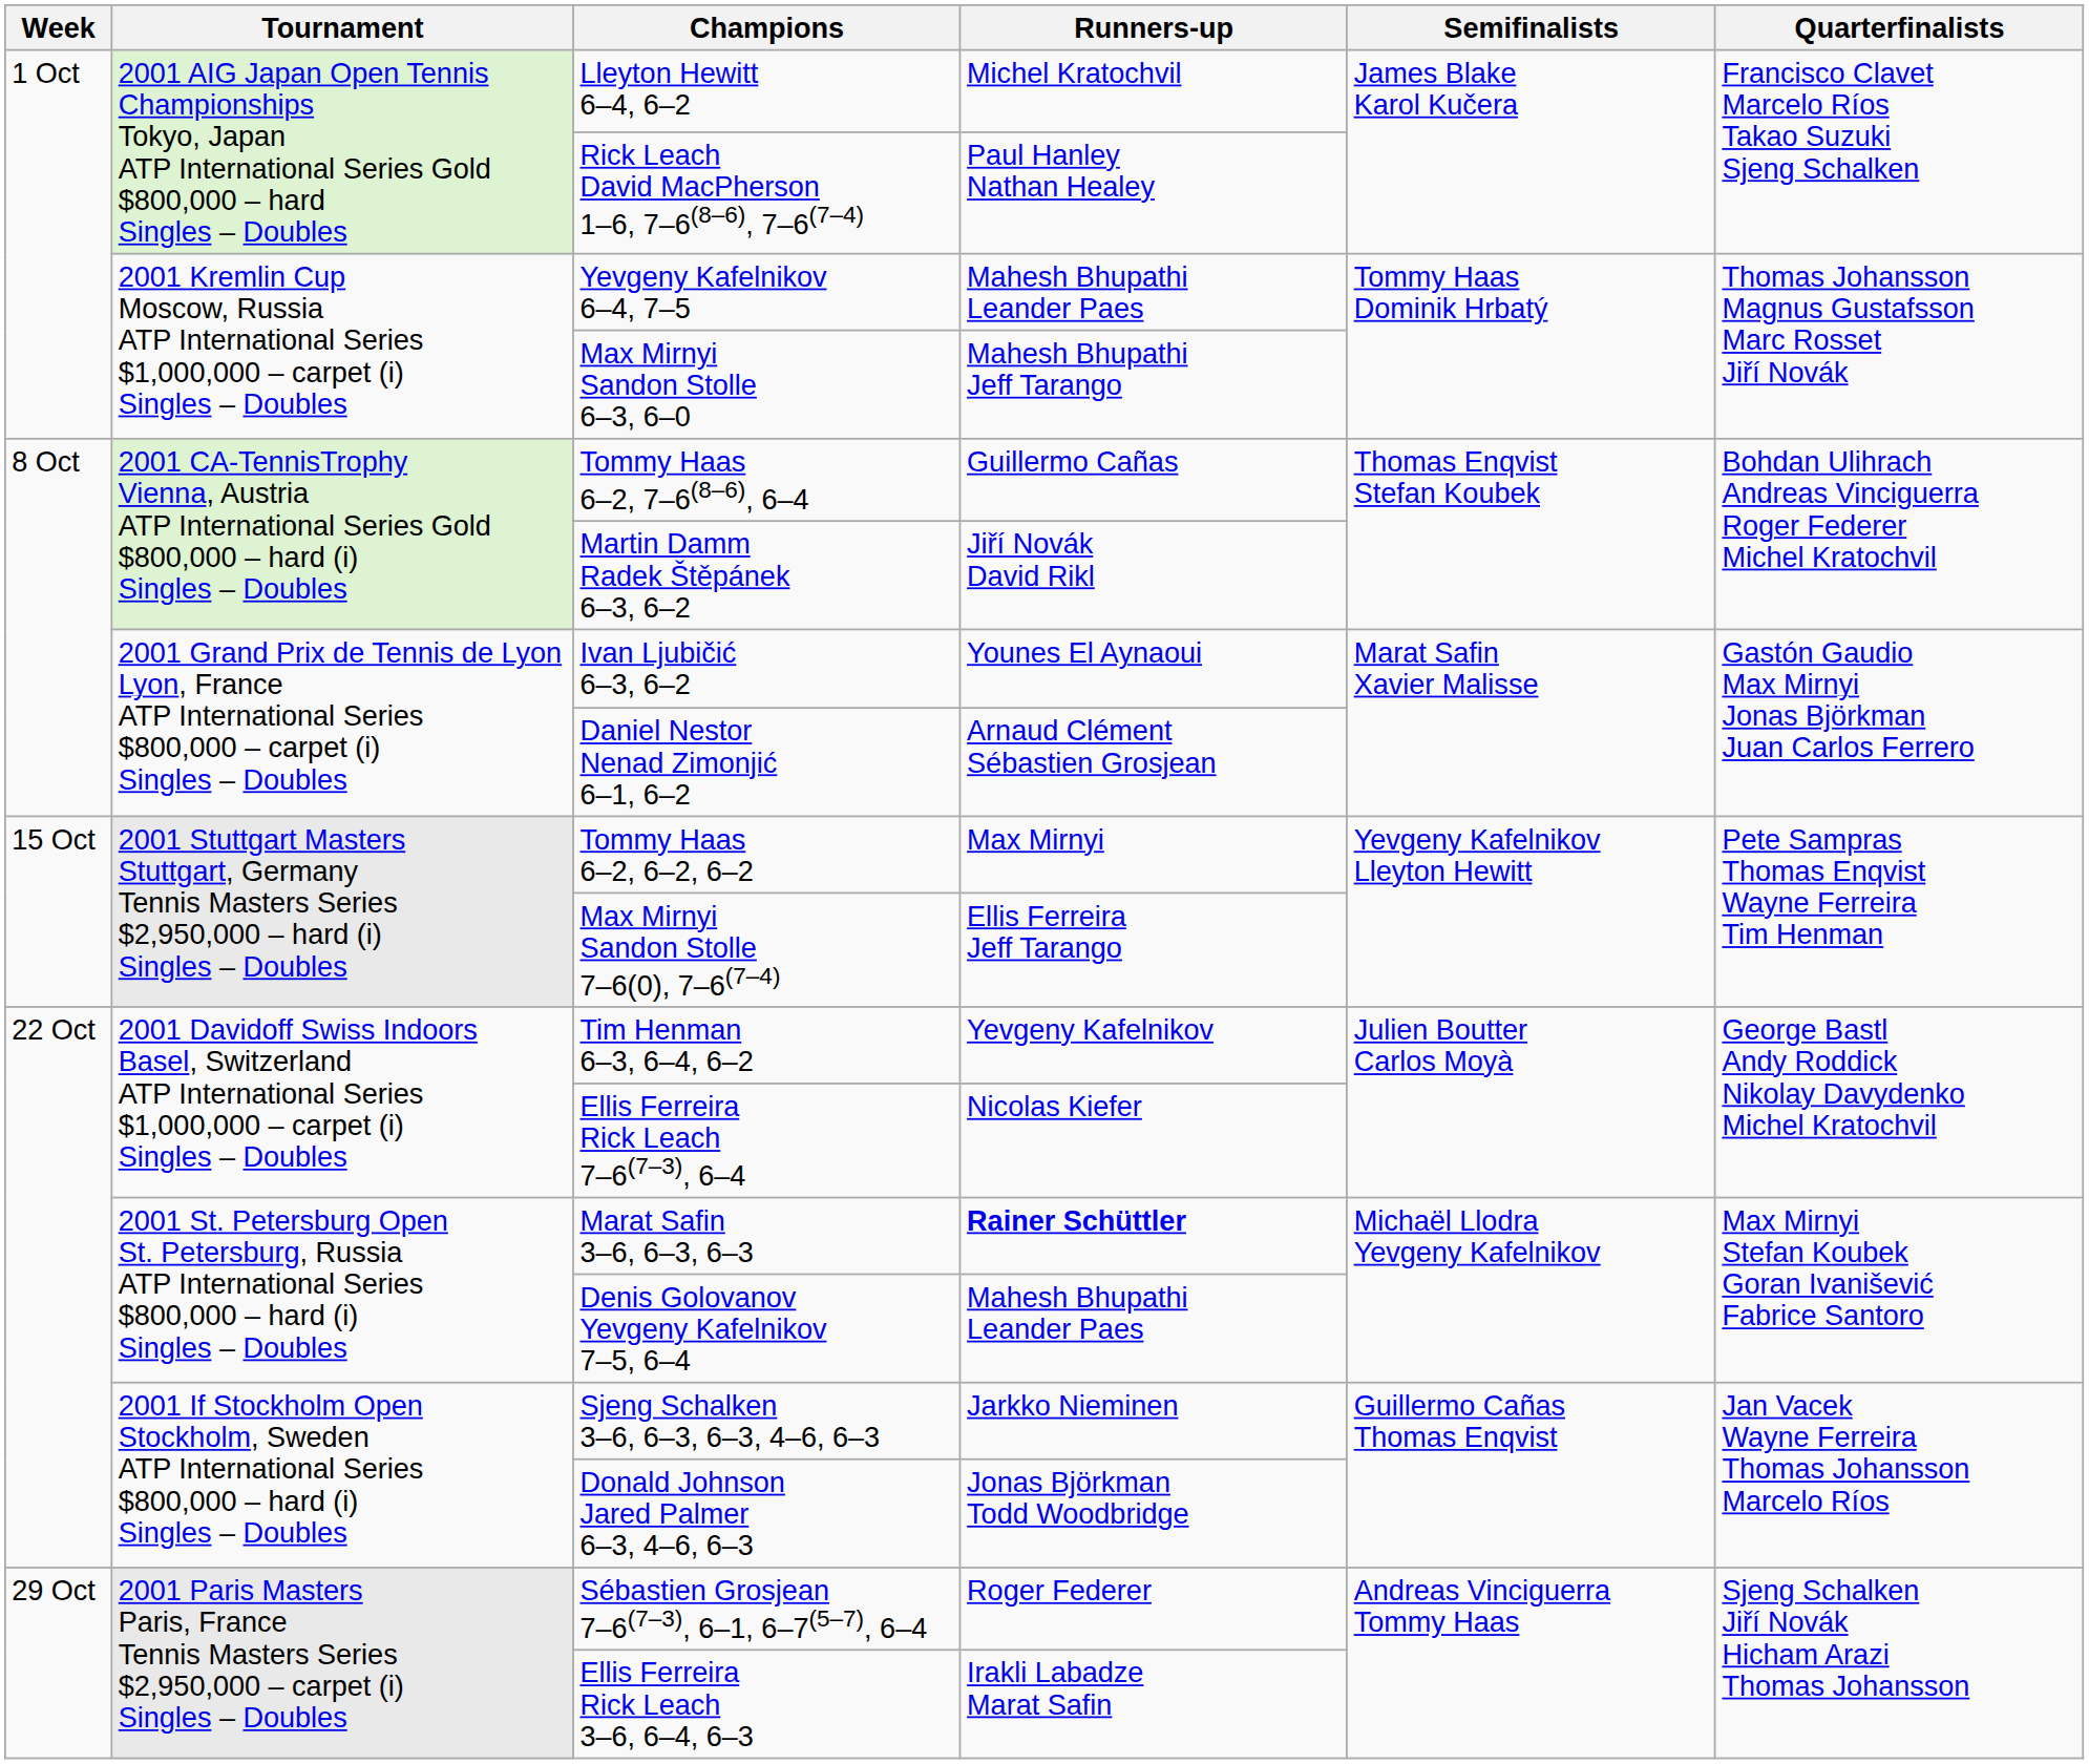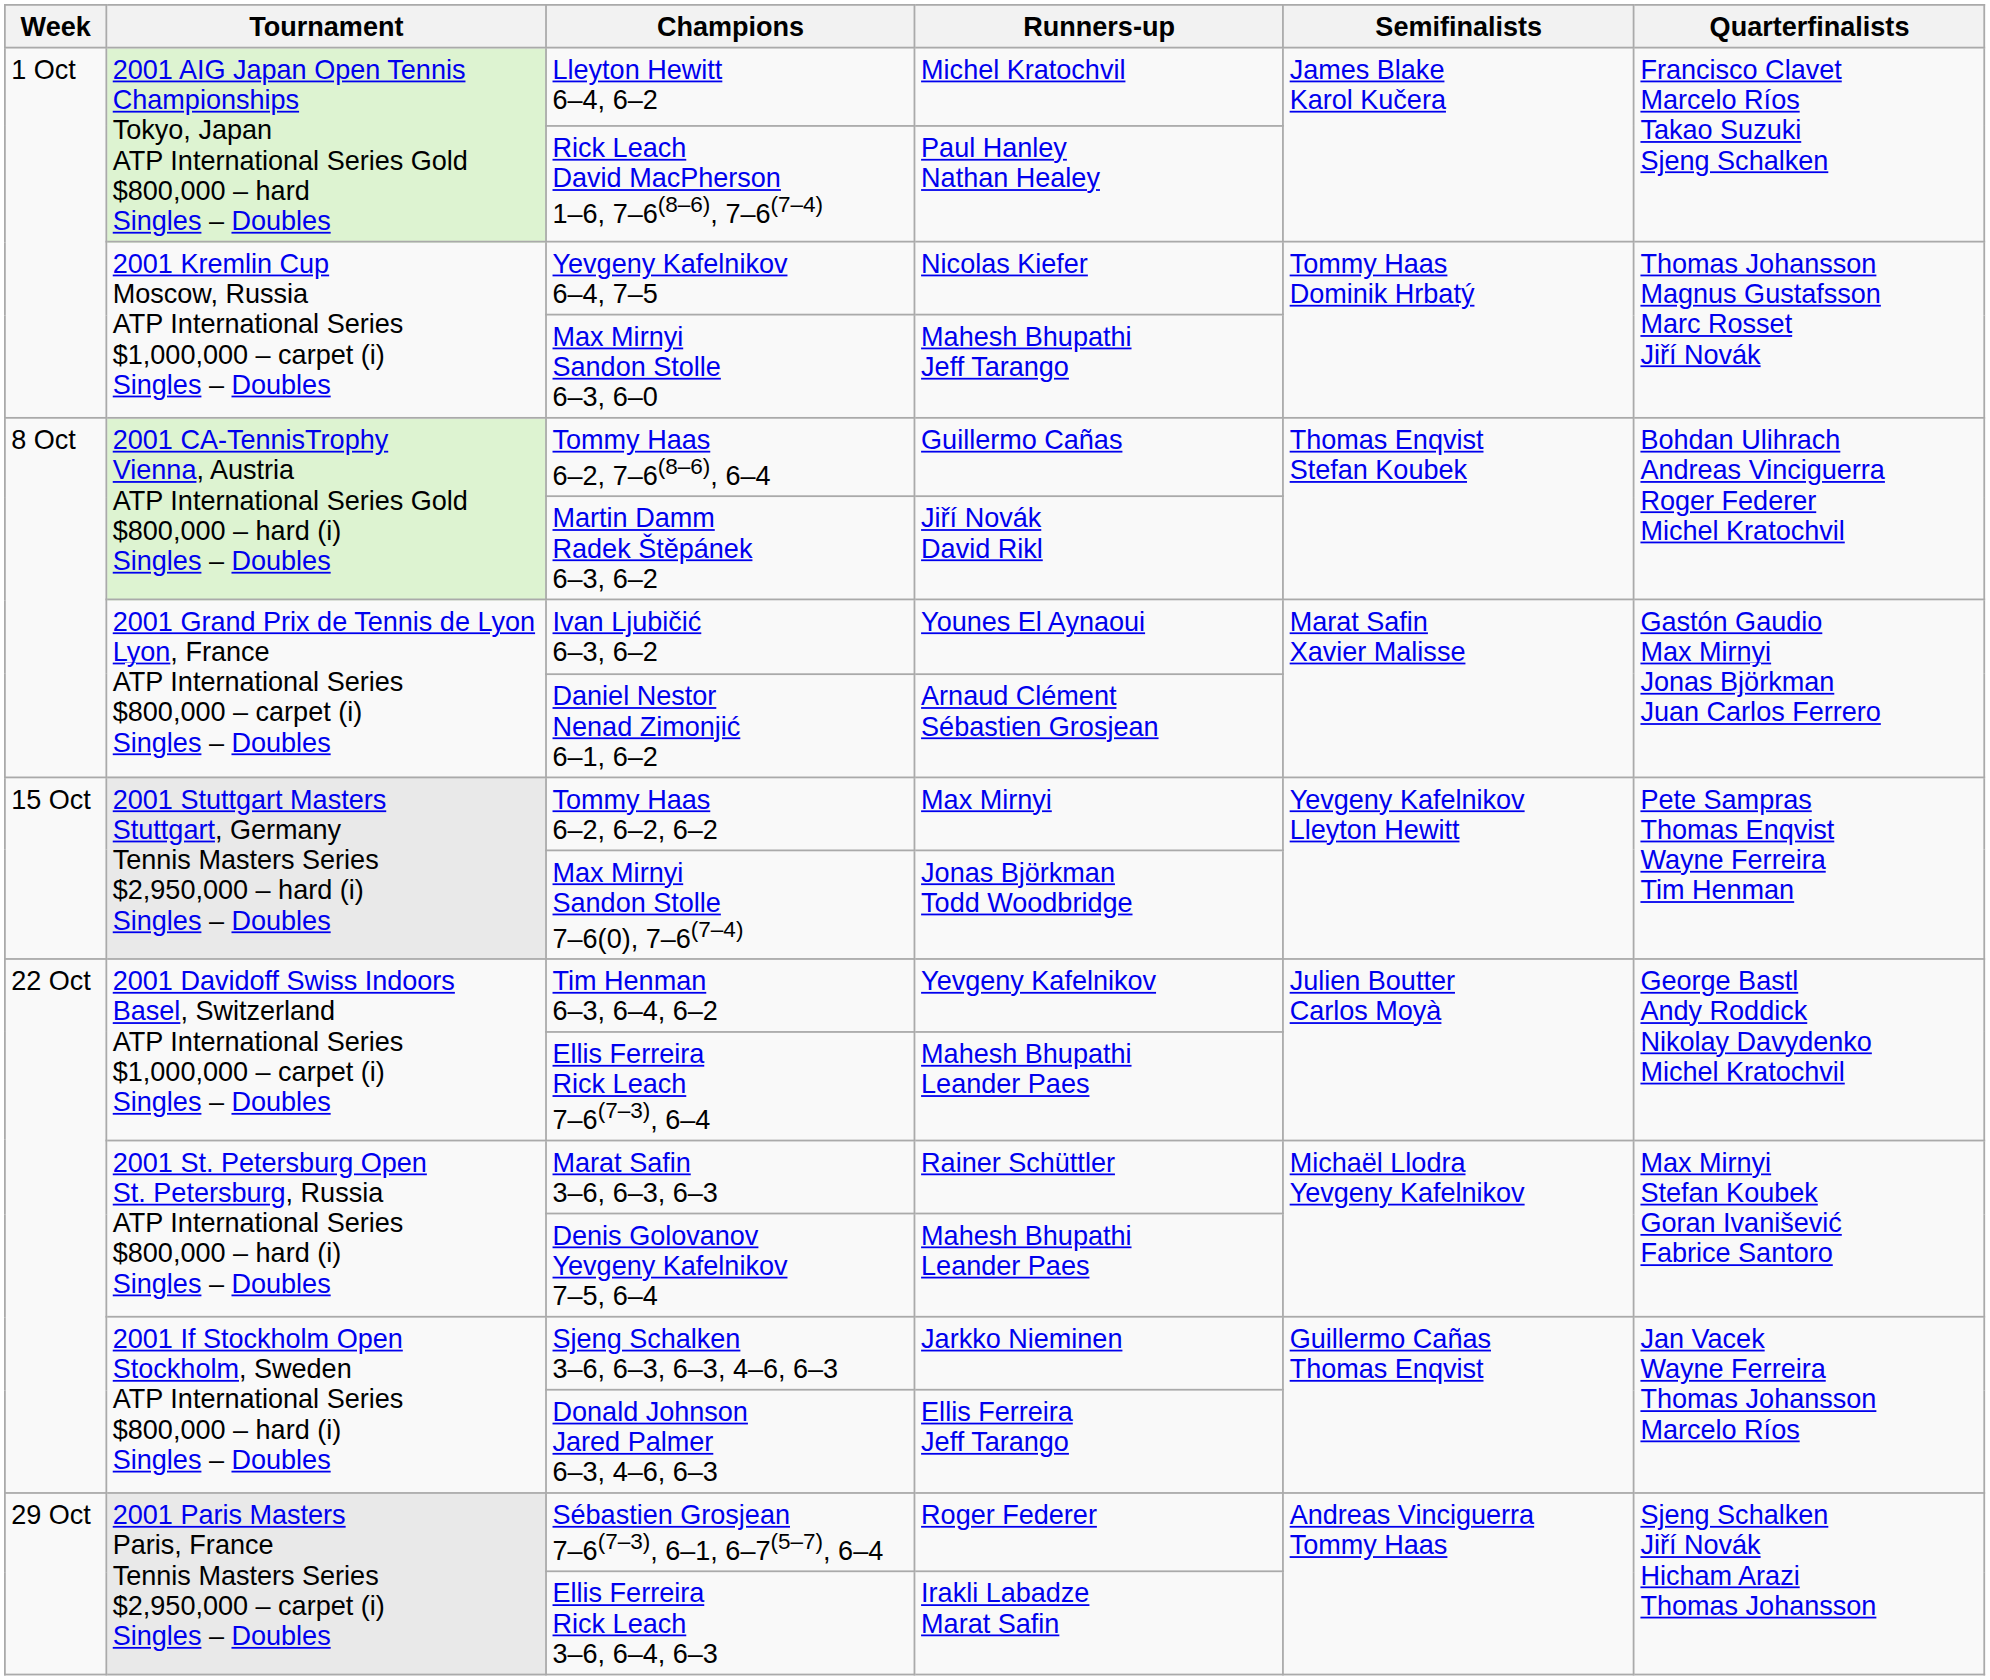 <table class=wikitable style=font-size:95%>
 <tr>
 <th style="width:50px;">Week</th>
 <th style="width:240px;">Tournament</th>
 <th style="width:200px;">Champions</th>
 <th style="width:200px;">Runners-up</th>
 <th style="width:190px;">Semifinalists</th>
 <th style="width:190px;">Quarterfinalists</th>
 </tr>
 <tr valign=top>
 <td rowspan=4>1 Oct</td>
 <td bgcolor=#DDF3D1 rowspan=2><a href='#'>2001 AIG Japan Open Tennis Championships</a><br> Tokyo, Japan<br>ATP International Series Gold<br>$800,000 – hard <br> <a href='#'>Singles</a> – <a href='#'>Doubles</a></td>
 <td> <a href='#'>Lleyton Hewitt</a> <br>6–4, 6–2</td>
 <td> <a href='#'>Michel Kratochvil</a></td>
 <td rowspan=2> <a href='#'>James Blake</a> <br> <a href='#'>Karol Kučera</a></td>
 <td rowspan=2> <a href='#'>Francisco Clavet</a> <br>  <a href='#'>Marcelo Ríos</a> <br> <a href='#'>Takao Suzuki</a>  <br>  <a href='#'>Sjeng Schalken</a></td>
 </tr>
 <tr valign=top>
 <td> <a href='#'>Rick Leach</a><br> <a href='#'>David MacPherson</a><br> 1–6, 7–6<sup>(8–6)</sup>, 7–6<sup>(7–4)</sup></td>
 <td> <a href='#'>Paul Hanley</a><br> <a href='#'>Nathan Healey</a></td>
 </tr>
 <tr valign=top>
 <td rowspan=2><a href='#'>2001 Kremlin Cup</a><br>  Moscow, Russia<br>ATP International Series<br>$1,000,000 – carpet (i) <br> <a href='#'>Singles</a> – <a href='#'>Doubles</a></td>
 <td> <a href='#'>Yevgeny Kafelnikov</a> <br>6–4, 7–5</td>
-<td> <a href='#'>Mahesh Bhupathi</a><br> <a href='#'>Leander Paes</a></td>
+<td> <a href='#'>Nicolas Kiefer</a></td>
 <td rowspan=2> <a href='#'>Tommy Haas</a> <br> <a href='#'>Dominik Hrbatý</a></td>
 <td rowspan=2> <a href='#'>Thomas Johansson</a> <br>  <a href='#'>Magnus Gustafsson</a> <br> <a href='#'>Marc Rosset</a>  <br>  <a href='#'>Jiří Novák</a></td>
 </tr>
 <tr valign=top>
 <td> <a href='#'>Max Mirnyi</a><br> <a href='#'>Sandon Stolle</a><br> 6–3, 6–0</td>
 <td> <a href='#'>Mahesh Bhupathi</a><br> <a href='#'>Jeff Tarango</a></td>
 </tr>
 <tr valign=top>
 <td rowspan=4>8 Oct</td>
 <td bgcolor=#DDF3D1 rowspan=2><a href='#'>2001 CA-TennisTrophy</a><br> <a href='#'>Vienna</a>, Austria<br>ATP International Series Gold<br>$800,000 – hard (i) <br> <a href='#'>Singles</a> – <a href='#'>Doubles</a></td>
 <td> <a href='#'>Tommy Haas</a> <br>6–2, 7–6<sup>(8–6)</sup>, 6–4</td>
 <td> <a href='#'>Guillermo Cañas</a></td>
 <td rowspan=2> <a href='#'>Thomas Enqvist</a> <br> <a href='#'>Stefan Koubek</a></td>
 <td rowspan=2> <a href='#'>Bohdan Ulihrach</a> <br>  <a href='#'>Andreas Vinciguerra</a> <br> <a href='#'>Roger Federer</a>  <br>  <a href='#'>Michel Kratochvil</a></td>
 </tr>
 <tr valign=top>
 <td> <a href='#'>Martin Damm</a><br> <a href='#'>Radek Štěpánek</a><br> 6–3, 6–2</td>
 <td> <a href='#'>Jiří Novák</a><br> <a href='#'>David Rikl</a></td>
 </tr>
 <tr valign=top>
 <td rowspan=2><a href='#'>2001 Grand Prix de Tennis de Lyon</a><br>  <a href='#'>Lyon</a>, France<br>ATP International Series<br>$800,000 – carpet (i) <br> <a href='#'>Singles</a> – <a href='#'>Doubles</a></td>
 <td> <a href='#'>Ivan Ljubičić</a> <br>6–3, 6–2</td>
 <td> <a href='#'>Younes El Aynaoui</a></td>
 <td rowspan=2> <a href='#'>Marat Safin</a> <br> <a href='#'>Xavier Malisse</a></td>
 <td rowspan=2> <a href='#'>Gastón Gaudio</a> <br>  <a href='#'>Max Mirnyi</a> <br> <a href='#'>Jonas Björkman</a>  <br>  <a href='#'>Juan Carlos Ferrero</a></td>
 </tr>
 <tr valign=top>
 <td> <a href='#'>Daniel Nestor</a><br> <a href='#'>Nenad Zimonjić</a><br> 6–1, 6–2</td>
 <td> <a href='#'>Arnaud Clément</a><br> <a href='#'>Sébastien Grosjean</a></td>
 </tr>
 <tr valign=top>
 <td rowspan=2>15 Oct</td>
 <td bgcolor=#E9E9E9 rowspan=2><a href='#'>2001 Stuttgart Masters</a><br> <a href='#'>Stuttgart</a>, Germany<br>Tennis Masters Series<br>$2,950,000 – hard (i) <br> <a href='#'>Singles</a> – <a href='#'>Doubles</a></td>
 <td> <a href='#'>Tommy Haas</a> <br>6–2, 6–2, 6–2</td>
 <td> <a href='#'>Max Mirnyi</a></td>
 <td rowspan=2> <a href='#'>Yevgeny Kafelnikov</a> <br> <a href='#'>Lleyton Hewitt</a></td>
 <td rowspan=2> <a href='#'>Pete Sampras</a> <br>  <a href='#'>Thomas Enqvist</a> <br> <a href='#'>Wayne Ferreira</a>  <br>  <a href='#'>Tim Henman</a></td>
 </tr>
 <tr valign=top>
 <td> <a href='#'>Max Mirnyi</a><br> <a href='#'>Sandon Stolle</a><br> 7–6(0), 7–6<sup>(7–4)</sup></td>
-<td> <a href='#'>Ellis Ferreira</a><br> <a href='#'>Jeff Tarango</a></td>
+<td> <a href='#'>Jonas Björkman</a><br> <a href='#'>Todd Woodbridge</a></td>
 </tr>
 <tr valign=top>
 <td rowspan=6>22 Oct</td>
 <td rowspan=2><a href='#'>2001 Davidoff Swiss Indoors</a><br> <a href='#'>Basel</a>, Switzerland<br>ATP International Series<br>$1,000,000 – carpet (i) <br> <a href='#'>Singles</a> – <a href='#'>Doubles</a></td>
 <td> <a href='#'>Tim Henman</a> <br>6–3, 6–4, 6–2</td>
 <td> <a href='#'>Yevgeny Kafelnikov</a></td>
 <td rowspan=2> <a href='#'>Julien Boutter</a> <br> <a href='#'>Carlos Moyà</a></td>
 <td rowspan=2> <a href='#'>George Bastl</a> <br>  <a href='#'>Andy Roddick</a> <br> <a href='#'>Nikolay Davydenko</a>  <br>  <a href='#'>Michel Kratochvil</a></td>
 </tr>
 <tr valign=top>
 <td> <a href='#'>Ellis Ferreira</a><br> <a href='#'>Rick Leach</a><br> 7–6<sup>(7–3)</sup>, 6–4</td>
-<td> <a href='#'>Nicolas Kiefer</a></td>
+<td> <a href='#'>Mahesh Bhupathi</a><br> <a href='#'>Leander Paes</a></td>
 </tr>
 <tr valign=top>
 <td rowspan=2><a href='#'>2001 St. Petersburg Open</a><br> <a href='#'>St. Petersburg</a>, Russia<br>ATP International Series<br>$800,000 – hard (i) <br> <a href='#'>Singles</a> – <a href='#'>Doubles</a></td>
 <td> <a href='#'>Marat Safin</a> <br>3–6, 6–3, 6–3</td>
-<td><strong> <a href='#'>Rainer Schüttler</a></strong></td>
+<td> <a href='#'>Rainer Schüttler</a></td>
 <td rowspan=2> <a href='#'>Michaël Llodra</a> <br> <a href='#'>Yevgeny Kafelnikov</a></td>
 <td rowspan=2> <a href='#'>Max Mirnyi</a> <br>  <a href='#'>Stefan Koubek</a> <br> <a href='#'>Goran Ivanišević</a>  <br>  <a href='#'>Fabrice Santoro</a></td>
 </tr>
 <tr valign=top>
 <td> <a href='#'>Denis Golovanov</a><br> <a href='#'>Yevgeny Kafelnikov</a><br> 7–5, 6–4</td>
 <td> <a href='#'>Mahesh Bhupathi</a><br> <a href='#'>Leander Paes</a></td>
 </tr>
 <tr valign=top>
 <td rowspan=2><a href='#'>2001 If Stockholm Open</a><br> <a href='#'>Stockholm</a>, Sweden<br>ATP International Series<br>$800,000 – hard (i) <br> <a href='#'>Singles</a> – <a href='#'>Doubles</a></td>
 <td> <a href='#'>Sjeng Schalken</a> <br>3–6, 6–3, 6–3, 4–6, 6–3</td>
 <td> <a href='#'>Jarkko Nieminen</a></td>
 <td rowspan=2> <a href='#'>Guillermo Cañas</a> <br> <a href='#'>Thomas Enqvist</a></td>
 <td rowspan=2> <a href='#'>Jan Vacek</a> <br>  <a href='#'>Wayne Ferreira</a> <br> <a href='#'>Thomas Johansson</a>  <br>  <a href='#'>Marcelo Ríos</a></td>
 </tr>
 <tr valign=top>
 <td> <a href='#'>Donald Johnson</a><br> <a href='#'>Jared Palmer</a><br> 6–3, 4–6, 6–3</td>
-<td> <a href='#'>Jonas Björkman</a><br> <a href='#'>Todd Woodbridge</a></td>
+<td> <a href='#'>Ellis Ferreira</a><br> <a href='#'>Jeff Tarango</a></td>
 </tr>
 <tr valign=top>
 <td rowspan=2>29 Oct</td>
 <td bgcolor=#E9E9E9 rowspan=2><a href='#'>2001 Paris Masters</a><br> Paris, France<br>Tennis Masters Series<br>$2,950,000 – carpet (i) <br> <a href='#'>Singles</a> – <a href='#'>Doubles</a></td>
 <td> <a href='#'>Sébastien Grosjean</a> <br>7–6<sup>(7–3)</sup>, 6–1, 6–7<sup>(5–7)</sup>, 6–4</td>
 <td> <a href='#'>Roger Federer</a></td>
 <td rowspan=2> <a href='#'>Andreas Vinciguerra</a> <br> <a href='#'>Tommy Haas</a></td>
 <td rowspan=2> <a href='#'>Sjeng Schalken</a> <br>  <a href='#'>Jiří Novák</a> <br> <a href='#'>Hicham Arazi</a>  <br>  <a href='#'>Thomas Johansson</a></td>
 </tr>
 <tr valign=top>
 <td> <a href='#'>Ellis Ferreira</a><br> <a href='#'>Rick Leach</a><br> 3–6, 6–4, 6–3</td>
 <td> <a href='#'>Irakli Labadze</a><br> <a href='#'>Marat Safin</a></td>
 </tr>
 </table>
